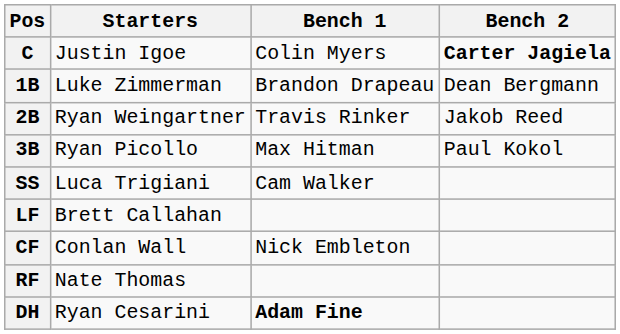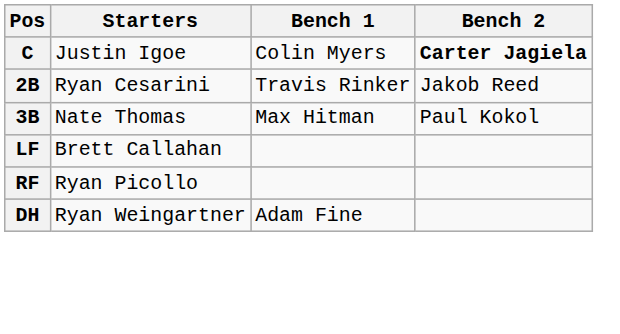 <table class="wikitable non-sortable">
 <tr>
 <th style="text-align:center;">Pos</th>
 <th style="text-align:center;">Starters</th>
 <th style="text-align:center;">Bench 1</th>
 <th style="text-align:center;">Bench 2</th>
 </tr>
 <tr>
 <th style="text-align:center; ">C</th>
 <td>Justin Igoe</td>
 <td>Colin Myers</td>
 <td><strong>Carter Jagiela</strong></td>
 </tr>
 <tr>
-<th style="text-align:center; ">1B</th>
-<td>Luke Zimmerman</td>
-<td>Brandon Drapeau</td>
-<td>Dean Bergmann</td>
-</tr>
-<tr>
 <th style="text-align:center; ">2B</th>
-<td>Ryan Weingartner</td>
+<td>Ryan Cesarini</td>
 <td>Travis Rinker</td>
 <td>Jakob Reed</td>
 </tr>
 <tr>
 <th style="text-align:center; ">3B</th>
-<td>Ryan Picollo</td>
+<td>Nate Thomas</td>
 <td>Max Hitman</td>
 <td>Paul Kokol</td>
-</tr>
-<tr>
-<th style="text-align:center; ">SS</th>
-<td>Luca Trigiani</td>
-<td>Cam Walker</td>
-<td></td>
 </tr>
 <tr>
 <th style="text-align:center; ">LF</th>
 <td>Brett Callahan</td>
 <td></td>
 <td></td>
 </tr>
 <tr>
-<th style="text-align:center; ">CF</th>
-<td>Conlan Wall</td>
-<td>Nick Embleton</td>
-<td></td>
-</tr>
-<tr>
 <th style="text-align:center; ">RF</th>
-<td>Nate Thomas</td>
+<td>Ryan Picollo</td>
 <td></td>
 <td></td>
 </tr>
 <tr>
 <th style="text-align:center; ">DH</th>
-<td>Ryan Cesarini</td>
-<td><strong>Adam Fine</strong></td>
+<td>Ryan Weingartner</td>
+<td>Adam Fine</td>
 <td></td>
 </tr>
 </table>
